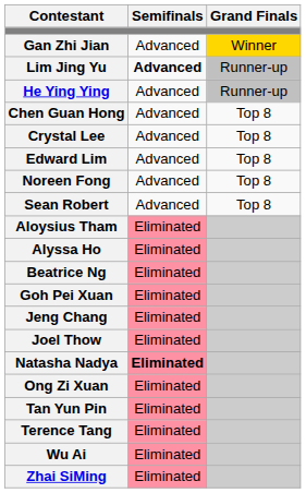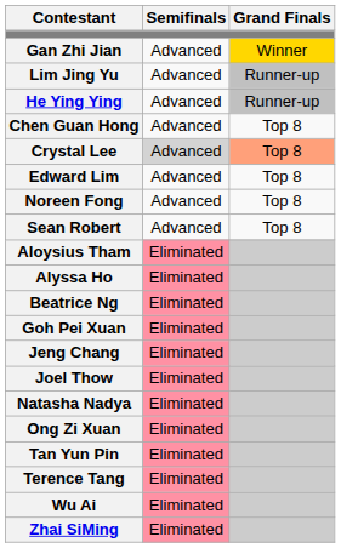 <table class="wikitable"  style="text-align:center;">
 <tr>
 <th>Contestant</th>
 <th>Semifinals</th>
 <th>Grand Finals</th>
 </tr>
 <tr>
 <th colspan="5" style="background:gray;"></th>
 </tr>
 <tr>
 <th>Gan Zhi Jian</th>
 <td>Advanced</td>
 <td style="background:gold;">Winner</td>
 </tr>
 <tr>
 <th>Lim Jing Yu</th>
-<td><strong>Advanced</strong></td>
+<td>Advanced</td>
 <td style="background:silver;">Runner-up</td>
 </tr>
 <tr>
 <th><a href='#'>He Ying Ying</a></th>
 <td>Advanced</td>
 <td style="background:silver;">Runner-up</td>
 </tr>
 <tr>
 <th>Chen Guan Hong</th>
 <td>Advanced</td>
 <td>Top 8</td>
 </tr>
 <tr>
 <th>Crystal Lee</th>
-<td>Advanced</td>
-<td>Top 8</td>
+<td style="background: lightgrey;">Advanced</td>
+<td style="background: lightsalmon;">Top 8</td>
 </tr>
 <tr>
 <th>Edward Lim</th>
 <td>Advanced</td>
 <td>Top 8</td>
 </tr>
 <tr>
 <th>Noreen Fong</th>
 <td>Advanced</td>
 <td>Top 8</td>
 </tr>
 <tr>
 <th>Sean Robert</th>
 <td>Advanced</td>
 <td>Top 8</td>
 </tr>
 <tr>
 <th>Aloysius Tham</th>
 <td style="background:#FF91A4;">Eliminated</td>
 <td style="background:#cccccc;"></td>
 </tr>
 <tr>
 <th>Alyssa Ho</th>
 <td style="background:#FF91A4;">Eliminated</td>
 <td style="background:#cccccc;"></td>
 </tr>
 <tr>
 <th>Beatrice Ng</th>
 <td style="background:#FF91A4;">Eliminated</td>
 <td style="background:#cccccc;"></td>
 </tr>
 <tr>
 <th>Goh Pei Xuan</th>
 <td style="background:#FF91A4;">Eliminated</td>
 <td style="background:#cccccc;"></td>
 </tr>
 <tr>
 <th>Jeng Chang</th>
 <td style="background:#FF91A4;">Eliminated</td>
 <td style="background:#cccccc;"></td>
 </tr>
 <tr>
 <th>Joel Thow</th>
 <td style="background:#FF91A4;">Eliminated</td>
 <td style="background:#cccccc;"></td>
 </tr>
 <tr>
 <th>Natasha Nadya</th>
-<td style="background:#FF91A4;"><strong>Eliminated</strong></td>
+<td style="background:#FF91A4;">Eliminated</td>
 <td style="background:#cccccc;"></td>
 </tr>
 <tr>
 <th>Ong Zi Xuan</th>
 <td style="background:#FF91A4;">Eliminated</td>
 <td style="background:#cccccc;"></td>
 </tr>
 <tr>
 <th>Tan Yun Pin</th>
 <td style="background:#FF91A4;">Eliminated</td>
 <td style="background:#cccccc;"></td>
 </tr>
 <tr>
 <th>Terence Tang</th>
 <td style="background:#FF91A4;">Eliminated</td>
 <td style="background:#cccccc;"></td>
 </tr>
 <tr>
 <th>Wu Ai</th>
 <td style="background:#FF91A4;">Eliminated</td>
 <td style="background:#cccccc;"></td>
 </tr>
 <tr>
 <th><a href='#'>Zhai SiMing</a></th>
 <td style="background:#FF91A4;">Eliminated</td>
 <td style="background:#cccccc;"></td>
 </tr>
 </table>
